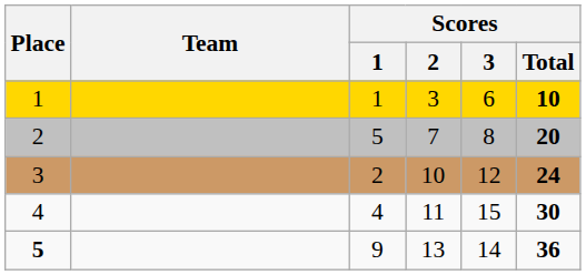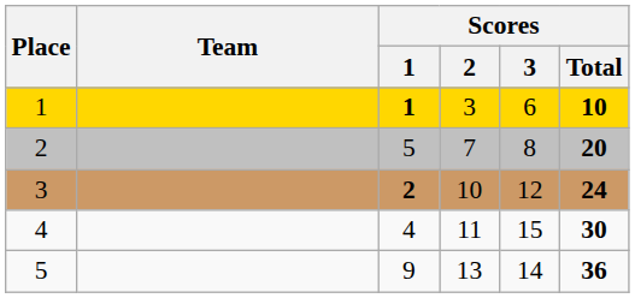 <table class=wikitable style="text-align:center">
 <tr>
 <th width=20 rowspan=2>Place</th>
 <th width=180 rowspan=2>Team</th>
 <th colspan=4>Scores</th>
 </tr>
 <tr>
 <th width=30>1</th>
 <th width=30>2</th>
 <th width=30>3</th>
 <th>Total</th>
 </tr>
 <tr bgcolor=gold>
 <td>1</td>
 <td align=left></td>
-<td>1</td>
+<td><strong>1</strong></td>
 <td>3</td>
 <td>6</td>
 <td><strong>10</strong></td>
 </tr>
 <tr bgcolor=silver>
 <td>2</td>
 <td align=left></td>
 <td>5</td>
 <td>7</td>
 <td>8</td>
 <td><strong>20</strong></td>
 </tr>
 <tr bgcolor=cc9966>
 <td>3</td>
 <td align=left></td>
-<td>2</td>
+<td><strong>2</strong></td>
 <td>10</td>
 <td>12</td>
 <td><strong>24</strong></td>
 </tr>
 <tr>
 <td>4</td>
 <td align=left></td>
 <td>4</td>
 <td>11</td>
 <td>15</td>
 <td><strong>30</strong></td>
 </tr>
 <tr>
-<td><strong>5</strong></td>
+<td>5</td>
 <td align=left></td>
 <td>9</td>
 <td>13</td>
 <td>14</td>
 <td><strong>36</strong></td>
 </tr>
 </table>
